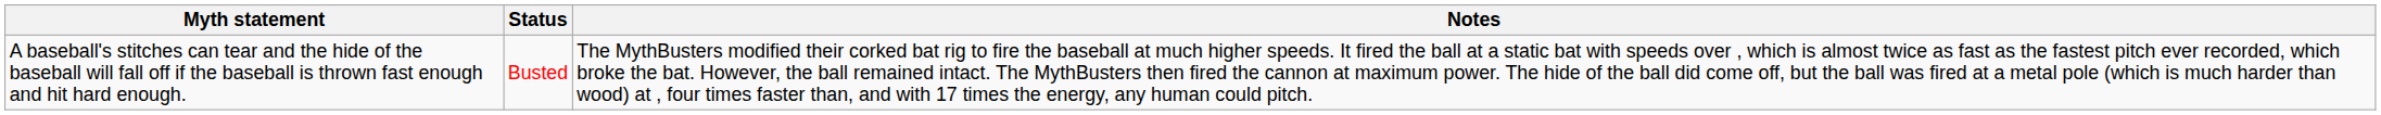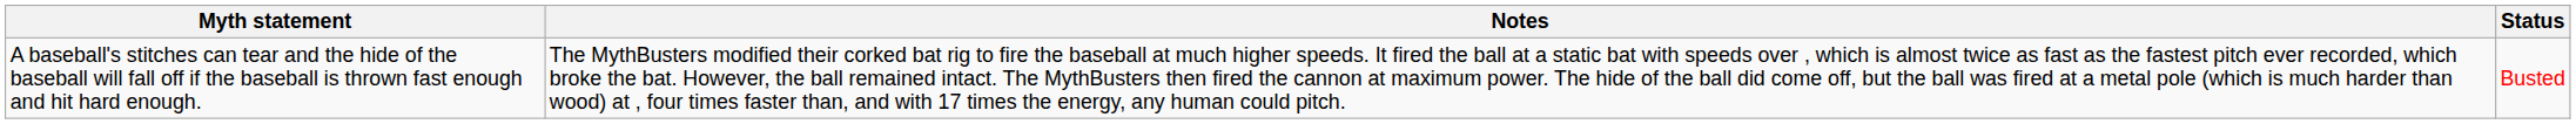 <table class="wikitable plainrowheaders">
 <tr>
 <th>Myth statement</th>
+<th>Notes</th>
 <th>Status</th>
-<th>Notes</th>
 </tr>
 <tr>
 <td>A baseball's stitches can tear and the hide of the baseball will fall off if the baseball is thrown fast enough and hit hard enough.</td>
+<td>The MythBusters modified their corked bat rig to fire the baseball at much higher speeds. It fired the ball at a static bat with speeds over , which is almost twice as fast as the fastest pitch ever recorded, which broke the bat. However, the ball remained intact. The MythBusters then fired the cannon at maximum power. The hide of the ball did come off, but the ball was fired at a metal pole (which is much harder than wood) at , four times faster than, and with 17 times the energy, any human could pitch.</td>
 <td style="color:Red">Busted</td>
-<td>The MythBusters modified their corked bat rig to fire the baseball at much higher speeds. It fired the ball at a static bat with speeds over , which is almost twice as fast as the fastest pitch ever recorded, which broke the bat. However, the ball remained intact. The MythBusters then fired the cannon at maximum power. The hide of the ball did come off, but the ball was fired at a metal pole (which is much harder than wood) at , four times faster than, and with 17 times the energy, any human could pitch.</td>
 </tr>
 </table>
